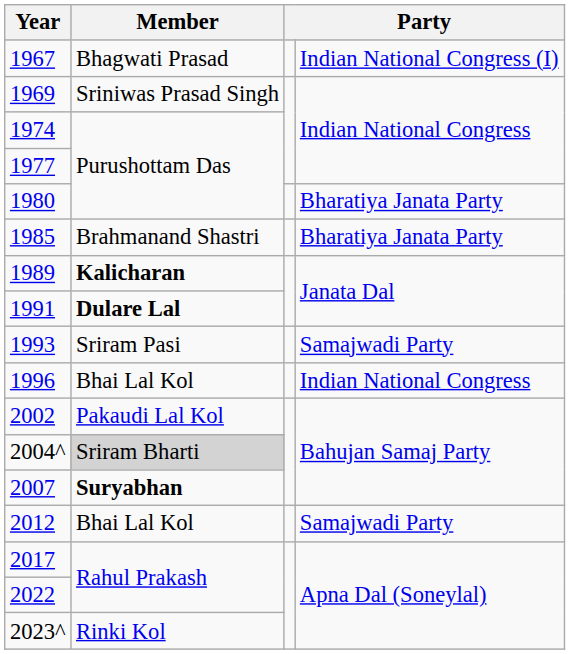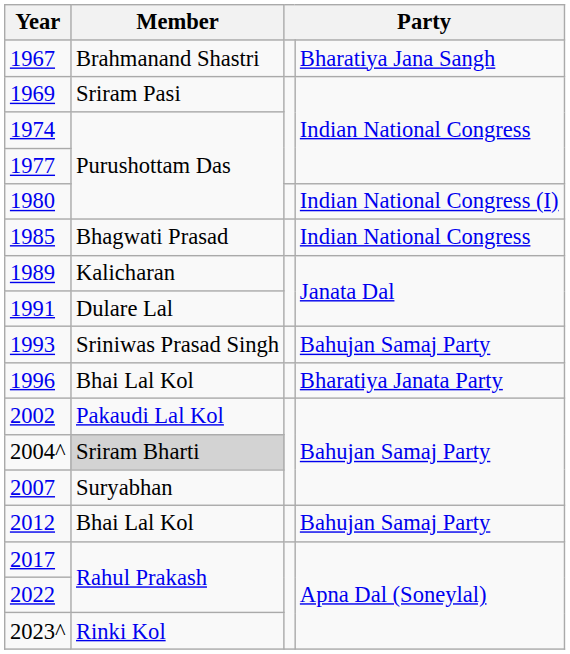 <table class="wikitable">
 <tr>
 <th>Year</th>
 <th>Member</th>
 <th colspan="2">Party</th>
 </tr>
 <tr>
 <td><a href='#'>1967</a></td>
-<td>Bhagwati Prasad</td>
+<td>Brahmanand Shastri</td>
 <td style="background-color: "></td>
-<td><a href='#'>Indian National Congress (I)</a></td>
+<td><a href='#'>Bharatiya Jana Sangh</a></td>
 </tr>
 <tr>
 <td><a href='#'>1969</a></td>
-<td>Sriniwas Prasad Singh</td>
+<td>Sriram Pasi</td>
 <td rowspan="3" style="background-color: "></td>
 <td rowspan="3"><a href='#'>Indian National Congress</a></td>
 </tr>
 <tr>
 <td><a href='#'>1974</a></td>
 <td rowspan="3">Purushottam Das</td>
 </tr>
 <tr>
 <td><a href='#'>1977</a></td>
 </tr>
 <tr>
 <td><a href='#'>1980</a></td>
 <td style="background-color: "></td>
-<td><a href='#'>Bharatiya Janata Party</a></td>
+<td><a href='#'>Indian National Congress (I)</a></td>
 </tr>
 <tr>
 <td><a href='#'>1985</a></td>
-<td>Brahmanand Shastri</td>
+<td>Bhagwati Prasad</td>
 <td style="background-color: "></td>
-<td><a href='#'>Bharatiya Janata Party</a></td>
+<td><a href='#'>Indian National Congress</a></td>
 </tr>
 <tr>
 <td><a href='#'>1989</a></td>
-<td><strong>Kalicharan</strong></td>
+<td>Kalicharan</td>
 <td rowspan="2" style="background-color: "></td>
 <td rowspan="2"><a href='#'>Janata Dal</a></td>
 </tr>
 <tr>
 <td><a href='#'>1991</a></td>
-<td><strong>Dulare Lal</strong></td>
+<td>Dulare Lal</td>
 </tr>
 <tr>
 <td><a href='#'>1993</a></td>
-<td>Sriram Pasi</td>
+<td>Sriniwas Prasad Singh</td>
 <td style="background-color: "></td>
-<td><a href='#'>Samajwadi Party</a></td>
+<td><a href='#'>Bahujan Samaj Party</a></td>
 </tr>
 <tr>
 <td><a href='#'>1996</a></td>
 <td>Bhai Lal Kol</td>
 <td style="background-color: "></td>
-<td><a href='#'>Indian National Congress</a></td>
+<td><a href='#'>Bharatiya Janata Party</a></td>
 </tr>
 <tr>
 <td><a href='#'>2002</a></td>
 <td><a href='#'>Pakaudi Lal Kol</a></td>
 <td rowspan="3" style="background-color: "></td>
 <td rowspan="3"><a href='#'>Bahujan Samaj Party</a></td>
 </tr>
 <tr>
 <td>2004^</td>
 <td style="background: lightgrey;">Sriram Bharti</td>
 </tr>
 <tr>
 <td><a href='#'>2007</a></td>
-<td><strong>Suryabhan</strong></td>
+<td>Suryabhan</td>
 </tr>
 <tr>
 <td><a href='#'>2012</a></td>
 <td>Bhai Lal Kol</td>
 <td style="background-color: "></td>
-<td><a href='#'>Samajwadi Party</a></td>
+<td><a href='#'>Bahujan Samaj Party</a></td>
 </tr>
 <tr>
 <td><a href='#'>2017</a></td>
 <td rowspan="2"><a href='#'>Rahul Prakash</a></td>
 <td rowspan="3" style="background-color: "></td>
 <td rowspan="3"><a href='#'>Apna Dal (Soneylal)</a></td>
 </tr>
 <tr>
 <td><a href='#'>2022</a></td>
 </tr>
 <tr>
 <td>2023^</td>
 <td><a href='#'>Rinki Kol</a></td>
 </tr>
 </table>
